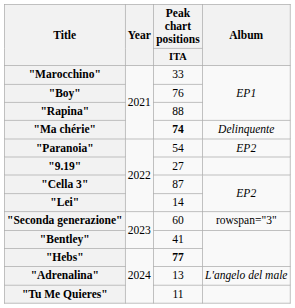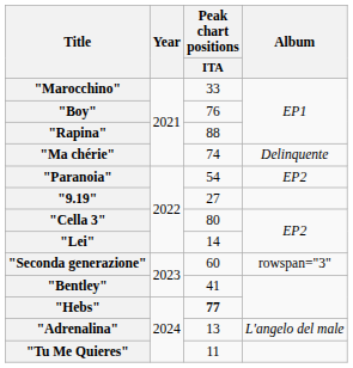 <table class="wikitable plainrowheaders" style="text-align:center;">
 <tr>
 <th scope="col" rowspan="2">Title</th>
 <th scope="col" rowspan="2">Year</th>
 <th scope="col" colspan="1">Peak chart positions</th>
 <th scope="col" rowspan="2">Album</th>
 </tr>
 <tr>
 <th scope="col" style="width:3em;font-size:90%;">ITA<br></th>
 </tr>
 <tr>
 <th scope="row">"Marocchino"</th>
 <td rowspan="4">2021</td>
 <td>33</td>
 <td rowspan="3"><em>EP1</em></td>
 </tr>
 <tr>
 <th scope="row">"Boy"<br></th>
 <td>76</td>
 </tr>
 <tr>
 <th scope="row">"Rapina"<br></th>
 <td>88</td>
 </tr>
 <tr>
 <th scope="row">"Ma chérie"<br></th>
-<td><strong>74</strong></td>
+<td>74</td>
 <td><em>Delinquente</em></td>
 </tr>
 <tr>
 <th scope="row">"Paranoia"<br></th>
 <td rowspan="4">2022</td>
 <td>54</td>
 <td><em>EP2</em></td>
 </tr>
 <tr>
 <th scope="row">"9.19"<br></th>
 <td>27</td>
 <td></td>
 </tr>
 <tr>
 <th scope="row">"Cella 3"</th>
-<td>87</td>
+<td>80</td>
 <td rowspan="2"><em>EP2</em></td>
 </tr>
 <tr>
 <th scope="row">"Lei"<br></th>
 <td>14</td>
 </tr>
 <tr>
 <th scope="row">"Seconda generazione"</th>
 <td rowspan="2">2023</td>
 <td>60</td>
 <td>rowspan="3" </td>
 </tr>
 <tr>
 <th scope="row">"Bentley"<br></th>
 <td>41</td>
 </tr>
 <tr>
 <th scope="row">"Hebs"</th>
 <td rowspan="3">2024</td>
 <td><strong>77</strong></td>
 </tr>
 <tr>
 <th scope="row">"Adrenalina"<br></th>
 <td>13</td>
 <td><em>L'angelo del male</em></td>
 </tr>
 <tr>
 <th scope="row">"Tu Me Quieres"<br></th>
 <td>11<br></td>
 <td></td>
 </tr>
 </table>
